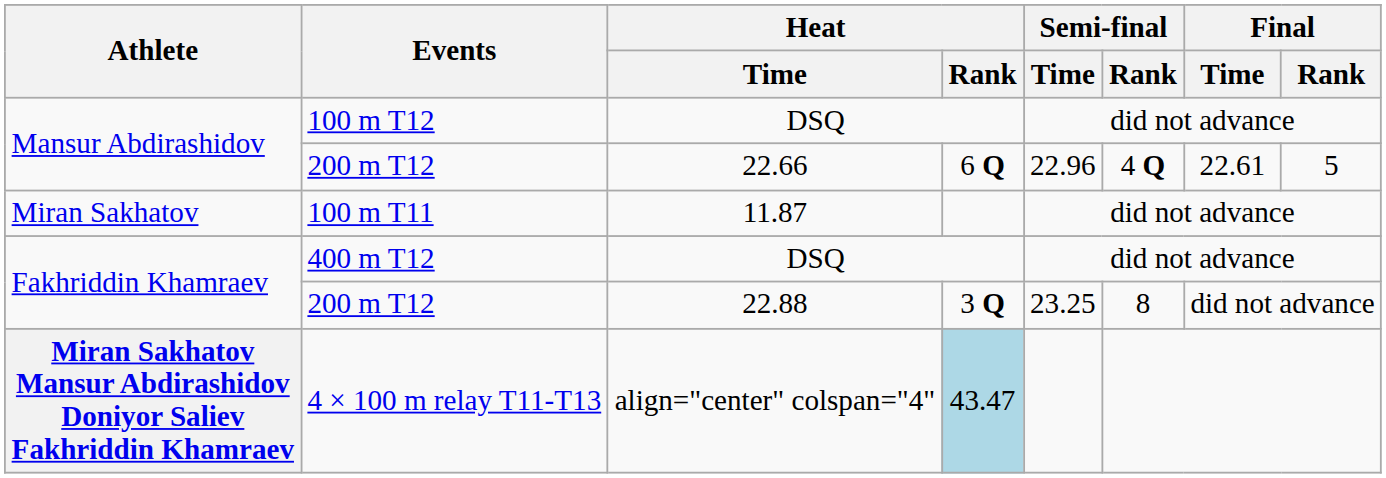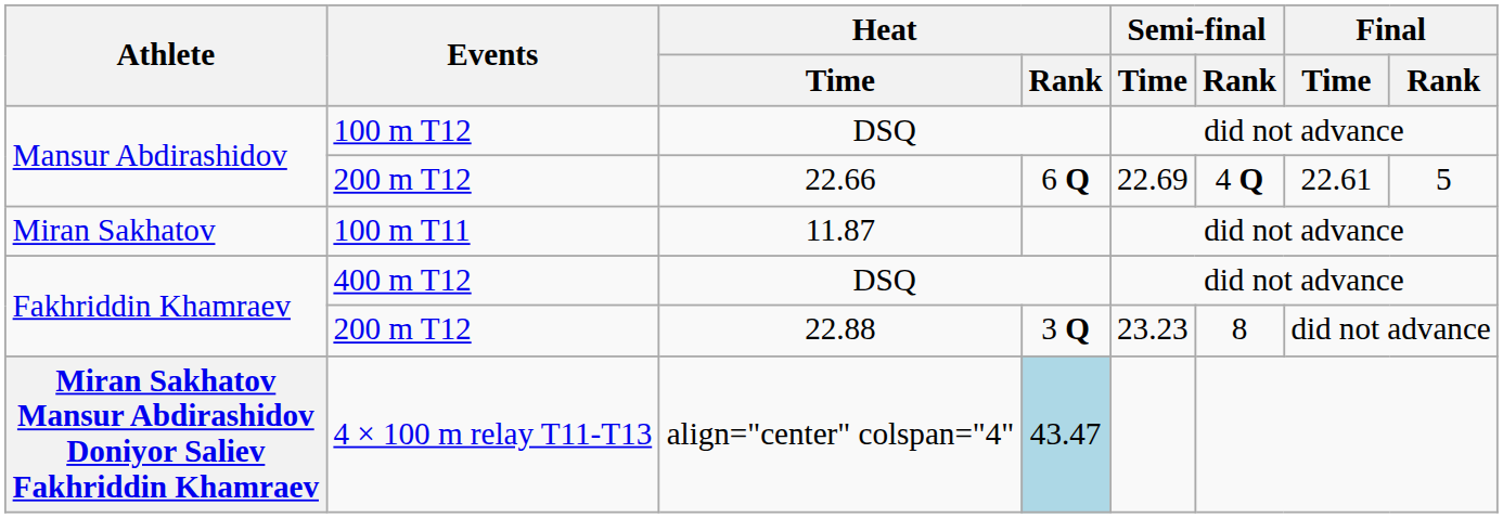 <table class=wikitable>
 <tr>
 <th rowspan="2">Athlete</th>
 <th rowspan="2">Events</th>
 <th colspan="2">Heat</th>
 <th colspan="2">Semi-final</th>
 <th colspan="2">Final</th>
 </tr>
 <tr>
 <th>Time</th>
 <th>Rank</th>
 <th>Time</th>
 <th>Rank</th>
 <th>Time</th>
 <th>Rank</th>
 </tr>
 <tr>
 <td rowspan="2"><a href='#'>Mansur Abdirashidov</a></td>
 <td><a href='#'>100 m T12</a></td>
 <td align="center" colspan=2>DSQ</td>
 <td align="center" colspan=4>did not advance</td>
 </tr>
 <tr>
 <td><a href='#'>200 m T12</a></td>
 <td align="center">22.66</td>
 <td align="center">6 <strong>Q</strong></td>
-<td align="center">22.96</td>
+<td align="center">22.69</td>
 <td align="center">4 <strong>Q</strong></td>
 <td align="center">22.61</td>
 <td align="center">5</td>
 </tr>
 <tr>
 <td><a href='#'>Miran Sakhatov</a></td>
 <td><a href='#'>100 m T11</a></td>
 <td align="center">11.87</td>
 <td align="center"></td>
 <td align="center" colspan=4>did not advance</td>
 </tr>
 <tr>
 <td rowspan="2"><a href='#'>Fakhriddin Khamraev</a></td>
 <td><a href='#'>400 m T12</a></td>
 <td align="center" colspan=2>DSQ</td>
 <td align="center" colspan=4>did not advance</td>
 </tr>
 <tr>
 <td><a href='#'>200 m T12</a></td>
 <td align="center">22.88</td>
 <td align="center">3 <strong>Q</strong></td>
-<td align="center">23.25</td>
+<td align="center">23.23</td>
 <td align="center">8</td>
 <td colspan=2>did not advance</td>
 </tr>
 <tr>
 <th><a href='#'>Miran Sakhatov</a><br><a href='#'>Mansur Abdirashidov</a><br><a href='#'>Doniyor Saliev</a><br><a href='#'>Fakhriddin Khamraev</a></th>
 <td><a href='#'>4 × 100 m relay T11-T13</a></td>
 <td>align="center" colspan="4" </td>
 <td align="center" style="background: lightblue;">43.47</td>
 <td align="center"></td>
 </tr>
 </table>
